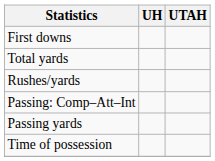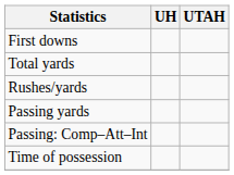 <table class="wikitable" style="float: left;">
 <tr>
 <th>Statistics</th>
 <th>UH</th>
 <th>UTAH</th>
 </tr>
 <tr>
 <td>First downs</td>
 <td></td>
 <td></td>
 </tr>
 <tr>
 <td>Total yards</td>
 <td></td>
 <td></td>
 </tr>
 <tr>
 <td>Rushes/yards</td>
 <td></td>
 <td></td>
 </tr>
 <tr>
-<td>Passing: Comp–Att–Int</td>
+<td>Passing yards</td>
 <td></td>
 <td></td>
 </tr>
 <tr>
-<td>Passing yards</td>
+<td>Passing: Comp–Att–Int</td>
 <td></td>
 <td></td>
 </tr>
 <tr>
 <td>Time of possession</td>
 <td></td>
 <td></td>
 </tr>
 <tr>
 </tr>
 </table>
